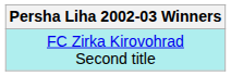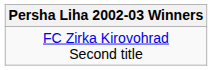 <table class="wikitable" style="text-align: center; margin: 0 auto;">
 <tr>
 <th>Persha Liha 2002-03 Winners</th>
 </tr>
 <tr>
-<td style="background: paleturquoise;"><a href='#'>FC Zirka Kirovohrad</a><br>Second title</td>
+<td><a href='#'>FC Zirka Kirovohrad</a><br>Second title</td>
 </tr>
 </table>
